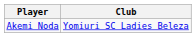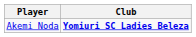 <table class="wikitable">
 <tr>
 <th>Player</th>
 <th>Club</th>
 </tr>
 <tr>
 <td> <a href='#'>Akemi Noda</a></td>
-<td><a href='#'>Yomiuri SC Ladies Beleza</a></td>
+<td><strong><a href='#'>Yomiuri SC Ladies Beleza</a></strong></td>
 </tr>
 </table>
